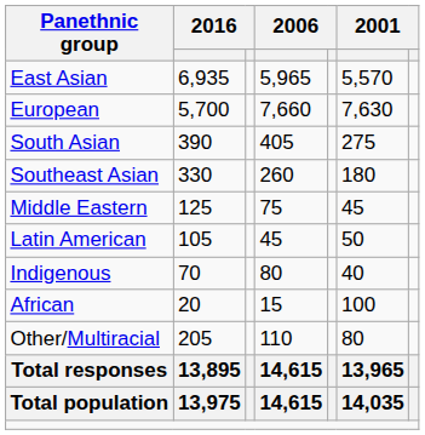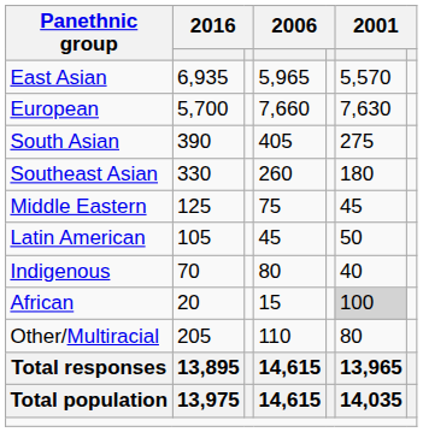 <table class="wikitable sortable">
 <tr>
 <th rowspan="2"><a href='#'>Panethnic</a><br>group</th>
 <th colspan="2">2016</th>
 <th colspan="2">2006</th>
 <th colspan="2">2001</th>
 </tr>
 <tr>
 <th><a href='#'></a></th>
 <th></th>
 <th></th>
 <th></th>
 <th></th>
 <th></th>
 </tr>
 <tr>
 <td><a href='#'>East Asian</a></td>
 <td>6,935</td>
 <td></td>
 <td>5,965</td>
 <td></td>
 <td>5,570</td>
 <td></td>
 </tr>
 <tr>
 <td><a href='#'>European</a></td>
 <td>5,700</td>
 <td></td>
 <td>7,660</td>
 <td></td>
 <td>7,630</td>
 <td></td>
 </tr>
 <tr>
 <td><a href='#'>South Asian</a></td>
 <td>390</td>
 <td></td>
 <td>405</td>
 <td></td>
 <td>275</td>
 <td></td>
 </tr>
 <tr>
 <td><a href='#'>Southeast Asian</a></td>
 <td>330</td>
 <td></td>
 <td>260</td>
 <td></td>
 <td>180</td>
 <td></td>
 </tr>
 <tr>
 <td><a href='#'>Middle Eastern</a></td>
 <td>125</td>
 <td></td>
 <td>75</td>
 <td></td>
 <td>45</td>
 <td></td>
 </tr>
 <tr>
 <td><a href='#'>Latin American</a></td>
 <td>105</td>
 <td></td>
 <td>45</td>
 <td></td>
 <td>50</td>
 <td></td>
 </tr>
 <tr>
 <td><a href='#'>Indigenous</a></td>
 <td>70</td>
 <td></td>
 <td>80</td>
 <td></td>
 <td>40</td>
 <td></td>
 </tr>
 <tr>
 <td><a href='#'>African</a></td>
 <td>20</td>
 <td></td>
 <td>15</td>
 <td></td>
-<td>100</td>
+<td style="background: lightgrey;">100</td>
 <td></td>
 </tr>
 <tr>
 <td>Other/<a href='#'>Multiracial</a></td>
 <td>205</td>
 <td></td>
 <td>110</td>
 <td></td>
 <td>80</td>
 <td></td>
 </tr>
 <tr>
 <th>Total responses</th>
 <th>13,895</th>
 <th></th>
 <th>14,615</th>
 <th></th>
 <th>13,965</th>
 <th></th>
 </tr>
 <tr>
 <th>Total population</th>
 <th>13,975</th>
 <th></th>
 <th>14,615</th>
 <th></th>
 <th>14,035</th>
 <th></th>
 </tr>
 <tr class="sortbottom">
 <td colspan="10"></td>
 </tr>
 </table>
